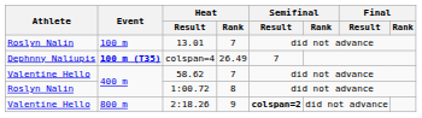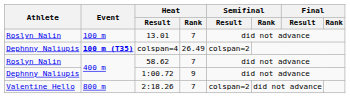 <table class="wikitable" style="font-size:90%">
 <tr>
 <th rowspan=2>Athlete</th>
 <th rowspan=2>Event</th>
 <th colspan=2>Heat</th>
 <th colspan=2>Semifinal</th>
 <th colspan=2>Final</th>
 </tr>
 <tr style="font-size:95%">
 <th>Result</th>
 <th>Rank</th>
 <th>Result</th>
 <th>Rank</th>
 <th>Result</th>
 <th>Rank</th>
 </tr>
 <tr align=center>
 <td align=left><a href='#'>Roslyn Nalin</a></td>
 <td align=left><a href='#'>100 m</a></td>
 <td>13.01</td>
 <td>7</td>
 <td colspan=4>did not advance</td>
 </tr>
 <tr align=center>
 <td align=left><a href='#'>Dephnny Naliupis</a></td>
 <td align=left><strong><a href='#'>100 m (T35)</a></strong></td>
 <td>colspan=4 </td>
 <td>26.49</td>
-<td>7</td>
+<td>colspan=2 </td>
 </tr>
 <tr align=center>
-<td align=left><a href='#'>Valentine Hello</a></td>
+<td align=left><a href='#'>Roslyn Nalin</a></td>
 <td align=left rowspan=2><a href='#'>400 m</a></td>
 <td>58.62</td>
 <td>7</td>
 <td Colspan=4>did not advance</td>
 </tr>
 <tr align=center>
-<td align=left><a href='#'>Roslyn Nalin</a></td>
+<td align=left><a href='#'>Dephnny Naliupis</a></td>
 <td>1:00.72</td>
-<td>8</td>
+<td>9</td>
 <td colspan=4>did not advance</td>
 </tr>
 <tr align=center>
 <td align=left><a href='#'>Valentine Hello</a></td>
 <td align=left><a href='#'>800 m</a></td>
 <td>2:18.26</td>
-<td>9</td>
-<td><strong>colspan=2 </strong></td>
+<td>7</td>
+<td>colspan=2 </td>
 <td colspan=2>did not advance</td>
 </tr>
 </table>
